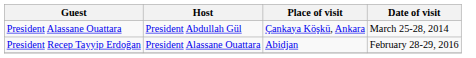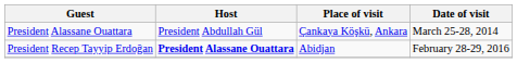 <table class="wikitable" border="1">
 <tr>
 <th>Guest</th>
 <th>Host</th>
 <th>Place of visit</th>
 <th>Date of visit</th>
 </tr>
 <tr>
 <td> <a href='#'>President</a> <a href='#'>Alassane Ouattara</a></td>
 <td> <a href='#'>President</a> <a href='#'>Abdullah Gül</a></td>
 <td><a href='#'>Çankaya Köşkü</a>, <a href='#'>Ankara</a></td>
 <td>March 25-28, 2014</td>
 </tr>
 <tr>
 <td> <a href='#'>President</a> <a href='#'>Recep Tayyip Erdoğan</a></td>
-<td> <a href='#'>President</a> <a href='#'>Alassane Ouattara</a></td>
+<td><strong> <a href='#'>President</a> <a href='#'>Alassane Ouattara</a></strong></td>
 <td><a href='#'>Abidjan</a></td>
 <td>February 28-29, 2016</td>
 </tr>
 <tr>
 </tr>
 </table>
